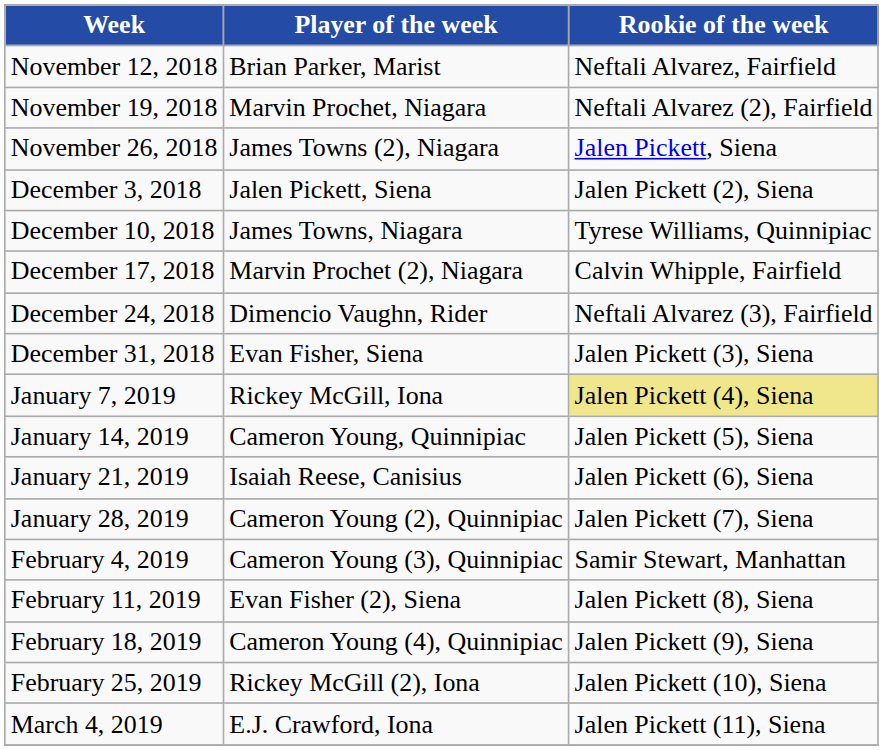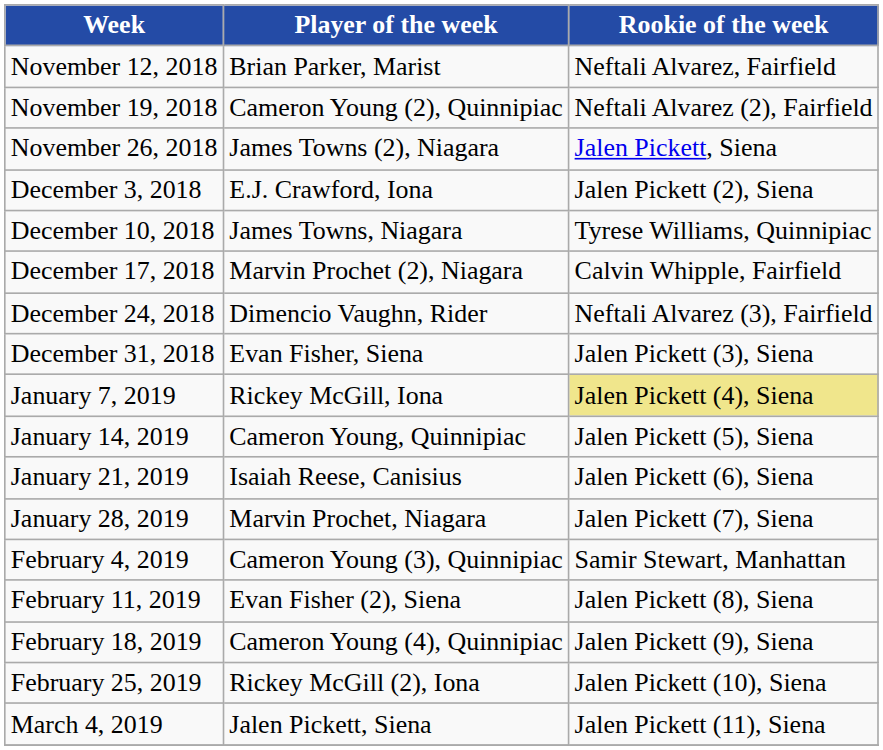 <table class="wikitable" border="1">
 <tr>
 <th align="center" style="background:#244BA6; color:#FFFFFF;">Week</th>
 <th align="center" style="background:#244BA6; color:#FFFFFF;">Player of the week</th>
 <th align="center" style="background:#244BA6; color:#FFFFFF;">Rookie of the week</th>
 </tr>
 <tr>
 <td>November 12, 2018</td>
 <td>Brian Parker, Marist</td>
 <td>Neftali Alvarez, Fairfield</td>
 </tr>
 <tr>
 <td>November 19, 2018</td>
-<td>Marvin Prochet, Niagara</td>
+<td>Cameron Young (2), Quinnipiac</td>
 <td>Neftali Alvarez (2), Fairfield</td>
 </tr>
 <tr>
 <td>November 26, 2018</td>
 <td>James Towns (2), Niagara</td>
 <td><a href='#'>Jalen Pickett</a>, Siena</td>
 </tr>
 <tr>
 <td>December 3, 2018</td>
-<td>Jalen Pickett, Siena</td>
+<td>E.J. Crawford, Iona</td>
 <td>Jalen Pickett (2), Siena</td>
 </tr>
 <tr>
 <td>December 10, 2018</td>
 <td>James Towns, Niagara</td>
 <td>Tyrese Williams, Quinnipiac</td>
 </tr>
 <tr>
 <td>December 17, 2018</td>
 <td>Marvin Prochet (2), Niagara</td>
 <td>Calvin Whipple, Fairfield</td>
 </tr>
 <tr>
 <td>December 24, 2018</td>
 <td>Dimencio Vaughn, Rider</td>
 <td>Neftali Alvarez (3), Fairfield</td>
 </tr>
 <tr>
 <td>December 31, 2018</td>
 <td>Evan Fisher, Siena</td>
 <td>Jalen Pickett (3), Siena</td>
 </tr>
 <tr>
 <td>January 7, 2019</td>
 <td>Rickey McGill, Iona</td>
 <td style="background: khaki;">Jalen Pickett (4), Siena</td>
 </tr>
 <tr>
 <td>January 14, 2019</td>
 <td>Cameron Young, Quinnipiac</td>
 <td>Jalen Pickett (5), Siena</td>
 </tr>
 <tr>
 <td>January 21, 2019</td>
 <td>Isaiah Reese, Canisius</td>
 <td>Jalen Pickett (6), Siena</td>
 </tr>
 <tr>
 <td>January 28, 2019</td>
-<td>Cameron Young (2), Quinnipiac</td>
+<td>Marvin Prochet, Niagara</td>
 <td>Jalen Pickett (7), Siena</td>
 </tr>
 <tr>
 <td>February 4, 2019</td>
 <td>Cameron Young (3), Quinnipiac</td>
 <td>Samir Stewart, Manhattan</td>
 </tr>
 <tr>
 <td>February 11, 2019</td>
 <td>Evan Fisher (2), Siena</td>
 <td>Jalen Pickett (8), Siena</td>
 </tr>
 <tr>
 <td>February 18, 2019</td>
 <td>Cameron Young (4), Quinnipiac</td>
 <td>Jalen Pickett (9), Siena</td>
 </tr>
 <tr>
 <td>February 25, 2019</td>
 <td>Rickey McGill (2), Iona</td>
 <td>Jalen Pickett (10), Siena</td>
 </tr>
 <tr>
 <td>March 4, 2019</td>
-<td>E.J. Crawford, Iona</td>
+<td>Jalen Pickett, Siena</td>
 <td>Jalen Pickett (11), Siena</td>
 </tr>
 <tr>
 </tr>
 </table>
